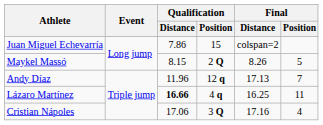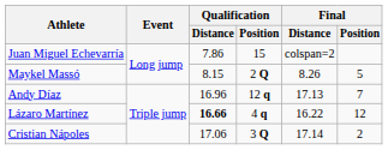 <table class=wikitable style=font-size:90%>
 <tr>
 <th rowspan=2>Athlete</th>
 <th rowspan=2>Event</th>
 <th colspan=2>Qualification</th>
 <th colspan=2>Final</th>
 </tr>
 <tr style=font-size:95%>
 <th>Distance</th>
 <th>Position</th>
 <th>Distance</th>
 <th>Position</th>
 </tr>
 <tr align=center>
 <td align=left><a href='#'>Juan Miguel Echevarría</a></td>
 <td align=left rowspan=2><a href='#'>Long jump</a></td>
 <td>7.86</td>
 <td>15</td>
 <td>colspan=2 </td>
 </tr>
 <tr align=center>
 <td align=left><a href='#'>Maykel Massó</a></td>
 <td>8.15</td>
 <td>2 <strong>Q</strong></td>
 <td>8.26</td>
 <td>5</td>
 </tr>
 <tr align=center>
 <td align=left><a href='#'>Andy Díaz</a></td>
 <td align=left rowspan=3><a href='#'>Triple jump</a></td>
-<td>11.96</td>
+<td>16.96</td>
 <td>12 <strong>q</strong></td>
 <td>17.13</td>
 <td>7</td>
 </tr>
 <tr align=center>
 <td align=left><a href='#'>Lázaro Martínez</a></td>
 <td><strong>16.66</strong></td>
 <td>4 <strong>q</strong></td>
-<td>16.25</td>
-<td>11</td>
+<td>16.22</td>
+<td>12</td>
 </tr>
 <tr align=center>
 <td align=left><a href='#'>Cristian Nápoles</a></td>
 <td>17.06</td>
 <td>3 <strong>Q</strong></td>
-<td>17.16</td>
-<td>4</td>
+<td>17.14</td>
+<td>2</td>
 </tr>
 </table>
